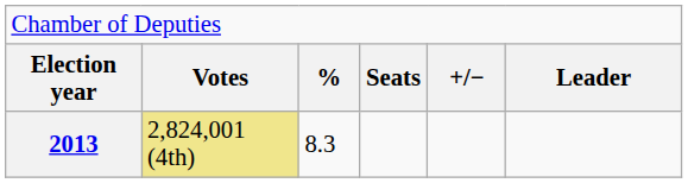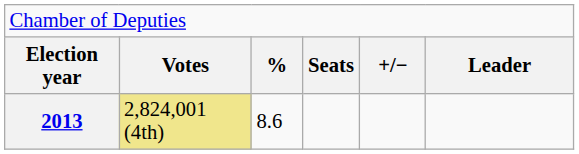 <table class=wikitable style="width:50%; border:1px #AAAAFF solid">
 <tr>
 <td colspan=6><a href='#'>Chamber of Deputies</a></td>
 </tr>
 <tr>
 <th width=13%>Election year</th>
 <th width=16%>Votes</th>
 <th width=6%>%</th>
 <th width=1%>Seats</th>
 <th width=8%>+/−</th>
 <th width=18%>Leader</th>
 </tr>
 <tr>
 <th rowspan=2><a href='#'>2013</a></th>
 <td style="background: khaki;">2,824,001 (4th)</td>
-<td>8.3</td>
+<td>8.6</td>
 <td></td>
 <td></td>
 <td></td>
 </tr>
 </table>
